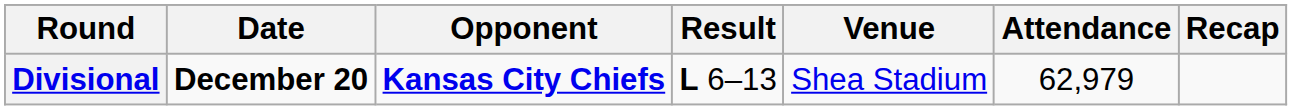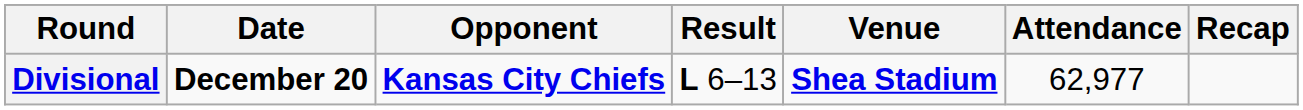 <table class="wikitable" style="text-align:center">
 <tr>
 <th>Round</th>
 <th>Date</th>
 <th>Opponent</th>
 <th>Result</th>
 <th>Venue</th>
 <th>Attendance</th>
 <th>Recap</th>
 </tr>
 <tr -style="background:#fcc">
 <th><a href='#'>Divisional</a></th>
 <td><strong>December 20</strong></td>
 <td><strong><a href='#'>Kansas City Chiefs</a></strong></td>
 <td><strong>L</strong> 6–13</td>
-<td><a href='#'>Shea Stadium</a></td>
-<td>62,979</td>
+<td><strong><a href='#'>Shea Stadium</a></strong></td>
+<td>62,977</td>
 <td></td>
 </tr>
 </table>
